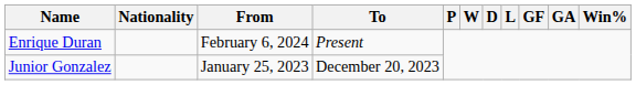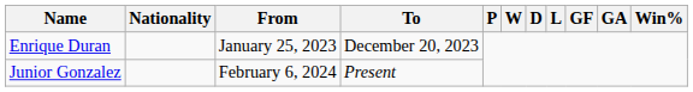 <table class="wikitable plainrowheaders sortable" style="text-align:center">
 <tr>
 <th>Name</th>
 <th>Nationality</th>
 <th>From</th>
 <th class="unsortable">To</th>
 <th>P</th>
 <th>W</th>
 <th>D</th>
 <th>L</th>
 <th>GF</th>
 <th>GA</th>
 <th>Win%</th>
 </tr>
 <tr>
 <td scope="row" style="text-align:left"><a href='#'>Enrique Duran</a></td>
 <td align="left"></td>
-<td align="left">February 6, 2024</td>
-<td align="left"><em>Present</em><br></td>
+<td align="left">January 25, 2023</td>
+<td align="left">December 20, 2023<br></td>
 </tr>
 <tr>
 <td scope="row" style="text-align:left"><a href='#'>Junior Gonzalez</a></td>
 <td align="left"></td>
-<td align="left">January 25, 2023</td>
-<td align="left">December 20, 2023<br></td>
+<td align="left">February 6, 2024</td>
+<td align="left"><em>Present</em><br></td>
 </tr>
 </table>
